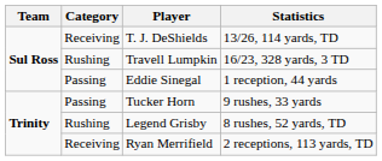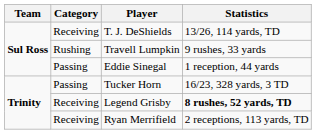 <table class="wikitable" style="float: right;">
 <tr>
 <th>Team</th>
 <th>Category</th>
 <th>Player</th>
 <th>Statistics</th>
 </tr>
 <tr>
 <td rowspan=3><strong>Sul Ross</strong></td>
 <td>Receiving</td>
 <td>T. J. DeShields</td>
 <td>13/26, 114 yards, TD</td>
 </tr>
 <tr>
 <td>Rushing</td>
 <td>Travell Lumpkin</td>
-<td>16/23, 328 yards, 3 TD</td>
+<td>9 rushes, 33 yards</td>
 </tr>
 <tr>
 <td>Passing</td>
 <td>Eddie Sinegal</td>
 <td>1 reception, 44 yards</td>
 </tr>
 <tr>
 <td rowspan=3><strong>Trinity</strong></td>
 <td>Passing</td>
 <td>Tucker Horn</td>
-<td>9 rushes, 33 yards</td>
+<td>16/23, 328 yards, 3 TD</td>
 </tr>
 <tr>
-<td>Rushing</td>
+<td>Receiving</td>
 <td>Legend Grisby</td>
-<td>8 rushes, 52 yards, TD</td>
+<td><strong>8 rushes, 52 yards, TD</strong></td>
 </tr>
 <tr>
 <td>Receiving</td>
 <td>Ryan Merrifield</td>
 <td>2 receptions, 113 yards, TD</td>
 </tr>
 </table>
